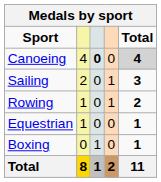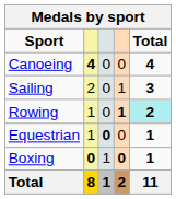 <table class="wikitable" style="text-align:center;font-size:90%">
 <tr style="background:#efefef;">
 <th colspan=7><strong>Medals by sport</strong></th>
 </tr>
 <tr>
 <td><strong>Sport</strong></td>
 <td bgcolor=#f7f6a8></td>
 <td bgcolor=#dce5e5></td>
 <td bgcolor=#ffdab9></td>
 <td><strong>Total</strong></td>
 </tr>
 <tr>
 <td style="text-align:left;"><a href='#'>Canoeing</a></td>
-<td style="background:#F7F6A8;">4</td>
-<td style="background:#DCE5E5;"><strong>0</strong></td>
+<td style="background:#F7F6A8;"><strong>4</strong></td>
+<td style="background:#DCE5E5;">0</td>
 <td style="background:#FFDAB9;">0</td>
-<td style="background: lightgrey;"><strong>4</strong></td>
+<td><strong>4</strong></td>
 </tr>
 <tr>
 <td style="text-align:left;"><a href='#'>Sailing</a></td>
 <td style="background:#F7F6A8;">2</td>
 <td style="background:#DCE5E5;">0</td>
 <td style="background:#FFDAB9;">1</td>
 <td><strong>3</strong></td>
 </tr>
 <tr>
 <td style="text-align:left;"><a href='#'>Rowing</a></td>
 <td style="background:#F7F6A8;">1</td>
 <td style="background:#DCE5E5;">0</td>
-<td style="background:#FFDAB9;">1</td>
-<td><strong>2</strong></td>
+<td style="background:#FFDAB9;"><strong>1</strong></td>
+<td style="background: paleturquoise;"><strong>2</strong></td>
 </tr>
 <tr>
 <td style="text-align:left;"><a href='#'>Equestrian</a></td>
 <td style="background:#F7F6A8;">1</td>
-<td style="background:#DCE5E5;">0</td>
+<td style="background:#DCE5E5;"><strong>0</strong></td>
 <td style="background:#FFDAB9;">0</td>
 <td><strong>1</strong></td>
 </tr>
 <tr>
 <td style="text-align:left;"><a href='#'>Boxing</a></td>
-<td style="background:#F7F6A8;">0</td>
+<td style="background:#F7F6A8;"><strong>0</strong></td>
 <td style="background:#DCE5E5;">1</td>
-<td style="background:#FFDAB9;">0</td>
+<td style="background:#FFDAB9;"><strong>0</strong></td>
 <td><strong>1</strong></td>
 </tr>
 <tr>
 <th style="text-align:left;"><strong>Total</strong></th>
 <th style="background:gold;"><strong>8</strong></th>
 <th style="background:silver;"><strong>1</strong></th>
 <th style="background:#c96;"><strong>2</strong></th>
 <th><strong>11</strong></th>
 </tr>
 </table>
